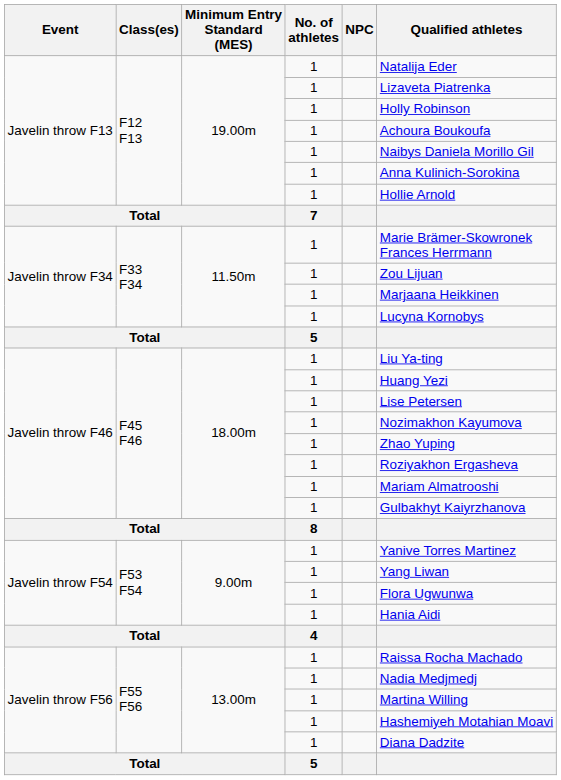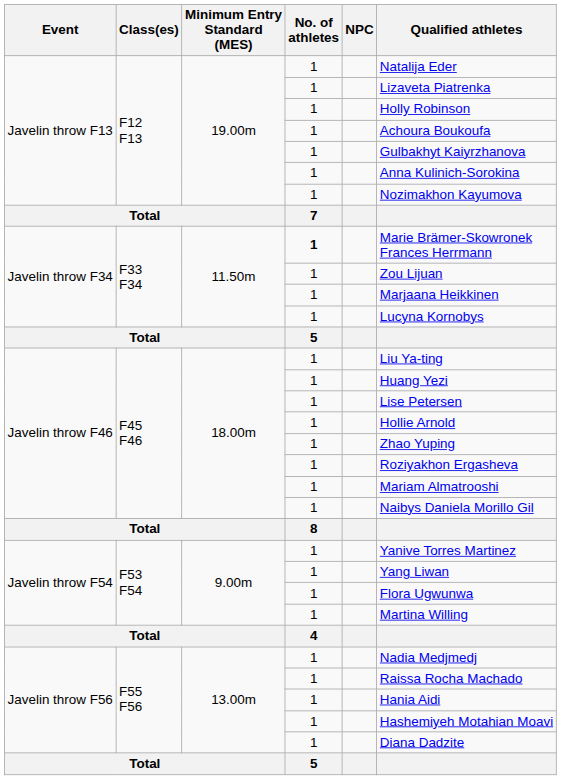 <table class="wikitable">
 <tr>
 <th>Event</th>
 <th>Class(es)</th>
 <th>Minimum Entry<br> Standard<br> (MES)</th>
 <th>No. of<br>athletes</th>
 <th>NPC</th>
 <th>Qualified athletes</th>
 </tr>
 <tr>
 <td rowspan=7>Javelin throw F13</td>
 <td rowspan=7>F12<br>F13</td>
 <td rowspan=7 align="center">19.00m</td>
 <td align=center>1</td>
 <td></td>
 <td><a href='#'>Natalija Eder</a></td>
 </tr>
 <tr>
 <td align=center>1</td>
 <td></td>
 <td><a href='#'>Lizaveta Piatrenka</a></td>
 </tr>
 <tr>
 <td align=center>1</td>
 <td></td>
 <td><a href='#'>Holly Robinson</a></td>
 </tr>
 <tr>
 <td align=center>1</td>
 <td></td>
 <td><a href='#'>Achoura Boukoufa</a></td>
 </tr>
 <tr>
 <td align=center>1</td>
 <td></td>
-<td><a href='#'>Naibys Daniela Morillo Gil</a></td>
+<td><a href='#'>Gulbakhyt Kaiyrzhanova</a></td>
 </tr>
 <tr>
 <td align=center>1</td>
 <td></td>
 <td><a href='#'>Anna Kulinich-Sorokina</a></td>
 </tr>
 <tr>
 <td align=center>1</td>
 <td></td>
-<td><a href='#'>Hollie Arnold</a></td>
+<td><a href='#'>Nozimakhon Kayumova</a></td>
 </tr>
 <tr>
 <th colspan=3>Total</th>
 <th>7</th>
 <th></th>
 <th></th>
 </tr>
 <tr>
 <td rowspan=4>Javelin throw F34</td>
 <td rowspan=4>F33<br>F34</td>
 <td rowspan=4 align="center">11.50m</td>
-<td align=center>1</td>
+<td align=center><strong>1</strong></td>
 <td></td>
 <td><a href='#'>Marie Brämer-Skowronek</a><br><a href='#'>Frances Herrmann</a></td>
 </tr>
 <tr>
 <td align=center>1</td>
 <td></td>
 <td><a href='#'>Zou Lijuan</a></td>
 </tr>
 <tr>
 <td align=center>1</td>
 <td></td>
 <td><a href='#'>Marjaana Heikkinen</a></td>
 </tr>
 <tr>
 <td align=center>1</td>
 <td></td>
 <td><a href='#'>Lucyna Kornobys</a></td>
 </tr>
 <tr>
 <th colspan=3>Total</th>
 <th>5</th>
 <th></th>
 <th></th>
 </tr>
 <tr>
 <td rowspan=8>Javelin throw F46</td>
 <td rowspan=8>F45<br>F46</td>
 <td rowspan=8 align="center">18.00m</td>
 <td align=center>1</td>
 <td></td>
 <td><a href='#'>Liu Ya-ting</a></td>
 </tr>
 <tr>
 <td align=center>1</td>
 <td></td>
 <td><a href='#'>Huang Yezi</a></td>
 </tr>
 <tr>
 <td align=center>1</td>
 <td></td>
 <td><a href='#'>Lise Petersen</a></td>
 </tr>
 <tr>
 <td align=center>1</td>
 <td></td>
-<td><a href='#'>Nozimakhon Kayumova</a></td>
+<td><a href='#'>Hollie Arnold</a></td>
 </tr>
 <tr>
 <td align=center>1</td>
 <td></td>
 <td><a href='#'>Zhao Yuping</a></td>
 </tr>
 <tr>
 <td align=center>1</td>
 <td></td>
 <td><a href='#'>Roziyakhon Ergasheva</a></td>
 </tr>
 <tr>
 <td align=center>1</td>
 <td></td>
 <td><a href='#'>Mariam Almatrooshi</a></td>
 </tr>
 <tr>
 <td align=center>1</td>
 <td></td>
-<td><a href='#'>Gulbakhyt Kaiyrzhanova</a></td>
+<td><a href='#'>Naibys Daniela Morillo Gil</a></td>
 </tr>
 <tr>
 <th colspan=3>Total</th>
 <th>8</th>
 <th></th>
 <th></th>
 </tr>
 <tr>
 <td rowspan=4>Javelin throw F54</td>
 <td rowspan=4>F53<br>F54</td>
 <td rowspan=4 align="center">9.00m</td>
 <td align=center>1</td>
 <td></td>
 <td><a href='#'>Yanive Torres Martinez</a></td>
 </tr>
 <tr>
 <td align=center>1</td>
 <td></td>
 <td><a href='#'>Yang Liwan</a></td>
 </tr>
 <tr>
 <td align=center>1</td>
 <td></td>
 <td><a href='#'>Flora Ugwunwa</a></td>
 </tr>
 <tr>
 <td align=center>1</td>
 <td></td>
-<td><a href='#'>Hania Aidi</a></td>
+<td><a href='#'>Martina Willing</a></td>
 </tr>
 <tr>
 <th colspan=3>Total</th>
 <th>4</th>
 <th></th>
 <th></th>
 </tr>
 <tr>
 <td rowspan=5>Javelin throw F56</td>
 <td rowspan=5>F55<br>F56</td>
 <td rowspan=5 align="center">13.00m</td>
 <td align=center>1</td>
 <td></td>
+<td><a href='#'>Nadia Medjmedj</a></td>
+</tr>
+<tr>
+<td align=center>1</td>
+<td></td>
 <td><a href='#'>Raissa Rocha Machado</a></td>
 </tr>
 <tr>
 <td align=center>1</td>
 <td></td>
-<td><a href='#'>Nadia Medjmedj</a></td>
-</tr>
-<tr>
-<td align=center>1</td>
-<td></td>
-<td><a href='#'>Martina Willing</a></td>
+<td><a href='#'>Hania Aidi</a></td>
 </tr>
 <tr>
 <td align=center>1</td>
 <td></td>
 <td><a href='#'>Hashemiyeh Motahian Moavi</a></td>
 </tr>
 <tr>
 <td align=center>1</td>
 <td></td>
 <td><a href='#'>Diana Dadzite</a></td>
 </tr>
 <tr>
 <th colspan=3>Total</th>
 <th>5</th>
 <th></th>
 <th></th>
 </tr>
 </table>
